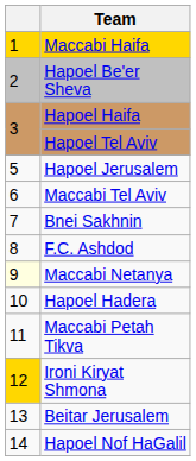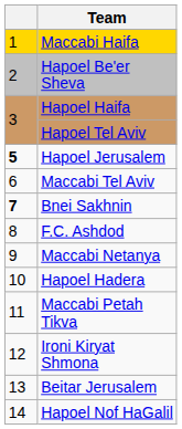 <table class="wikitable" style="font-size: 95%; text-align: left;">
 <tr>
 <th width=25></th>
 <th width=130>Team</th>
 </tr>
 <tr bgcolor=gold>
 <td>1</td>
 <td><a href='#'>Maccabi Haifa</a></td>
 </tr>
 <tr bgcolor=silver>
 <td>2</td>
 <td><a href='#'>Hapoel Be'er Sheva</a></td>
 </tr>
 <tr bgcolor=CC9966>
 <td rowspan=2>3</td>
 <td><a href='#'>Hapoel Haifa</a></td>
 </tr>
 <tr bgcolor=CC9966>
 <td><a href='#'>Hapoel Tel Aviv</a></td>
 </tr>
 <tr>
-<td>5</td>
+<td><strong>5</strong></td>
 <td><a href='#'>Hapoel Jerusalem</a></td>
 </tr>
 <tr>
 <td>6</td>
 <td><a href='#'>Maccabi Tel Aviv</a></td>
 </tr>
 <tr>
-<td>7</td>
+<td><strong>7</strong></td>
 <td><a href='#'>Bnei Sakhnin</a></td>
 </tr>
 <tr>
 <td>8</td>
 <td><a href='#'>F.C. Ashdod</a></td>
 </tr>
 <tr>
-<td style="background: lightyellow;">9</td>
+<td>9</td>
 <td><a href='#'>Maccabi Netanya</a></td>
 </tr>
 <tr>
 <td>10</td>
 <td><a href='#'>Hapoel Hadera</a></td>
 </tr>
 <tr>
 <td>11</td>
 <td><a href='#'>Maccabi Petah Tikva</a></td>
 </tr>
 <tr>
-<td style="background: gold;">12</td>
+<td>12</td>
 <td><a href='#'>Ironi Kiryat Shmona</a></td>
 </tr>
 <tr>
 <td>13</td>
 <td><a href='#'>Beitar Jerusalem</a></td>
 </tr>
 <tr>
 <td>14</td>
 <td><a href='#'>Hapoel Nof HaGalil</a></td>
 </tr>
 </table>
